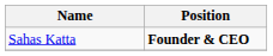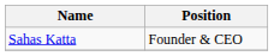 <table class="wikitable">
 <tr>
 <th width=150>Name</th>
 <th width=130>Position</th>
 </tr>
 <tr>
 <td><a href='#'>Sahas Katta</a></td>
-<td><strong>Founder & CEO</strong></td>
+<td>Founder & CEO</td>
 </tr>
 <tr>
 </tr>
 </table>
